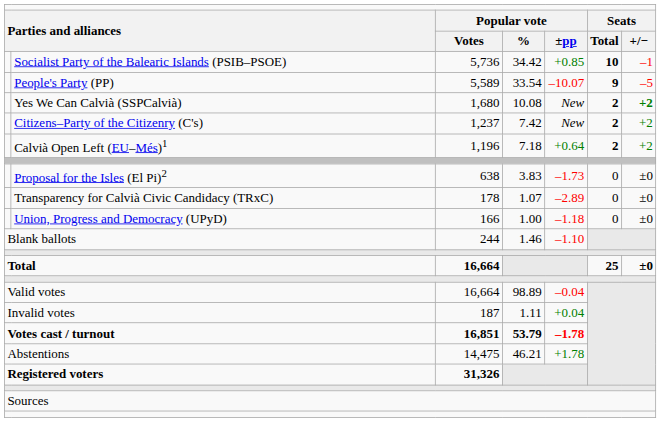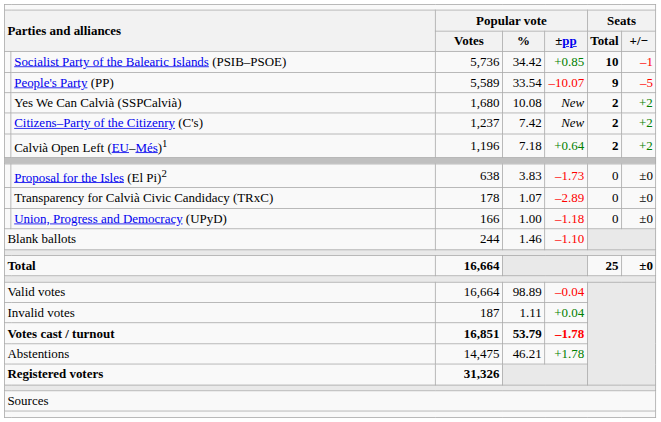 <table class="wikitable" style="text-align:right;">
 <tr>
 <td colspan="7"></td>
 </tr>
 <tr>
 <th style="text-align:left;" rowspan="2" colspan="2" width="525">Parties and alliances</th>
 <th colspan="3">Popular vote</th>
 <th colspan="2">Seats</th>
 </tr>
 <tr>
 <th width="75">Votes</th>
 <th width="45">%</th>
 <th width="45">±<a href='#'>pp</a></th>
 <th width="35">Total</th>
 <th width="35">+/−</th>
 </tr>
 <tr>
 <td width="1" style="color:inherit;background:"></td>
 <td align="left"><a href='#'>Socialist Party of the Balearic Islands</a> (PSIB–PSOE)</td>
 <td>5,736</td>
 <td>34.42</td>
 <td style="color:green;">+0.85</td>
 <td><strong>10</strong></td>
 <td style="color:red;">–1</td>
 </tr>
 <tr>
 <td style="color:inherit;background:"></td>
 <td align="left"><a href='#'>People's Party</a> (PP)</td>
 <td>5,589</td>
 <td>33.54</td>
 <td style="color:red;">–10.07</td>
 <td><strong>9</strong></td>
 <td style="color:red;">–5</td>
 </tr>
 <tr>
 <td style="color:inherit;background:"></td>
 <td align="left">Yes We Can Calvià (SSPCalvià)</td>
 <td>1,680</td>
 <td>10.08</td>
 <td><em>New</em></td>
 <td><strong>2</strong></td>
-<td style="color:green;"><strong>+2</strong></td>
+<td style="color:green;">+2</td>
 </tr>
 <tr>
 <td style="color:inherit;background:"></td>
 <td align="left"><a href='#'>Citizens–Party of the Citizenry</a> (C's)</td>
 <td>1,237</td>
 <td>7.42</td>
 <td><em>New</em></td>
 <td><strong>2</strong></td>
 <td style="color:green;">+2</td>
 </tr>
 <tr>
 <td style="color:inherit;background:"></td>
 <td align="left">Calvià Open Left (<a href='#'>EU</a>–<a href='#'>Més</a>)<sup>1</sup></td>
 <td>1,196</td>
 <td>7.18</td>
 <td style="color:green;">+0.64</td>
 <td><strong>2</strong></td>
 <td style="color:green;">+2</td>
 </tr>
 <tr>
 <td colspan="7" bgcolor="#C0C0C0"></td>
 </tr>
 <tr>
 <td style="color:inherit;background:"></td>
 <td align="left"><a href='#'>Proposal for the Isles</a> (El Pi)<sup>2</sup></td>
 <td>638</td>
 <td>3.83</td>
 <td style="color:red;">–1.73</td>
 <td>0</td>
 <td>±0</td>
 </tr>
 <tr>
 <td style="color:inherit;background:"></td>
 <td align="left">Transparency for Calvià Civic Candidacy (TRxC)</td>
 <td>178</td>
 <td>1.07</td>
 <td style="color:red;">–2.89</td>
 <td>0</td>
 <td>±0</td>
 </tr>
 <tr>
 <td style="color:inherit;background:"></td>
 <td align="left"><a href='#'>Union, Progress and Democracy</a> (UPyD)</td>
 <td>166</td>
 <td>1.00</td>
 <td style="color:red;">–1.18</td>
 <td>0</td>
 <td>±0</td>
 </tr>
 <tr>
 <td align="left" colspan="2">Blank ballots</td>
 <td>244</td>
 <td>1.46</td>
 <td style="color:red;">–1.10</td>
 <td bgcolor="#E9E9E9" colspan="2"></td>
 </tr>
 <tr>
 <td colspan="7" bgcolor="#E9E9E9"></td>
 </tr>
 <tr style="font-weight:bold;">
 <td align="left" colspan="2">Total</td>
 <td>16,664</td>
 <td bgcolor="#E9E9E9" colspan="2"></td>
 <td>25</td>
 <td>±0</td>
 </tr>
 <tr>
 <td colspan="7" bgcolor="#E9E9E9"></td>
 </tr>
 <tr>
 <td align="left" colspan="2">Valid votes</td>
 <td>16,664</td>
 <td>98.89</td>
 <td style="color:red;">–0.04</td>
 <td bgcolor="#E9E9E9" colspan="2" rowspan="5"></td>
 </tr>
 <tr>
 <td align="left" colspan="2">Invalid votes</td>
 <td>187</td>
 <td>1.11</td>
 <td style="color:green;">+0.04</td>
 </tr>
 <tr style="font-weight:bold;">
 <td align="left" colspan="2">Votes cast / turnout</td>
 <td>16,851</td>
 <td>53.79</td>
 <td style="color:red;">–1.78</td>
 </tr>
 <tr>
 <td align="left" colspan="2">Abstentions</td>
 <td>14,475</td>
 <td>46.21</td>
 <td style="color:green;">+1.78</td>
 </tr>
 <tr style="font-weight:bold;">
 <td align="left" colspan="2">Registered voters</td>
 <td>31,326</td>
 <td bgcolor="#E9E9E9" colspan="2"></td>
 </tr>
 <tr>
 <td colspan="7" bgcolor="#E9E9E9"></td>
 </tr>
 <tr>
 <td align="left" colspan="7">Sources</td>
 </tr>
 <tr>
 <td colspan="7" style="text-align:left; max-width:790px;"></td>
 </tr>
 </table>
